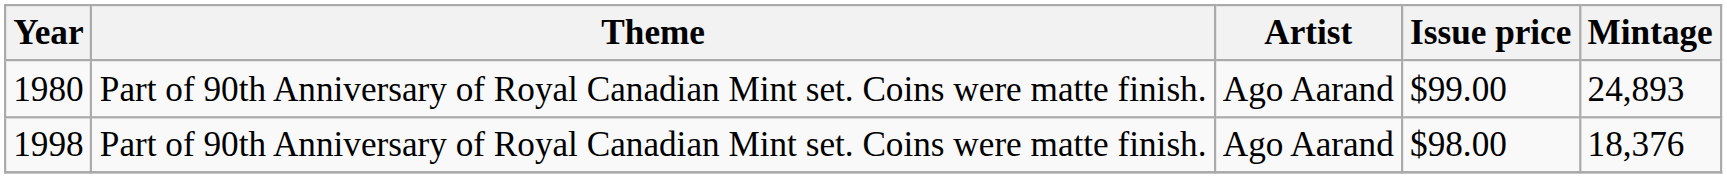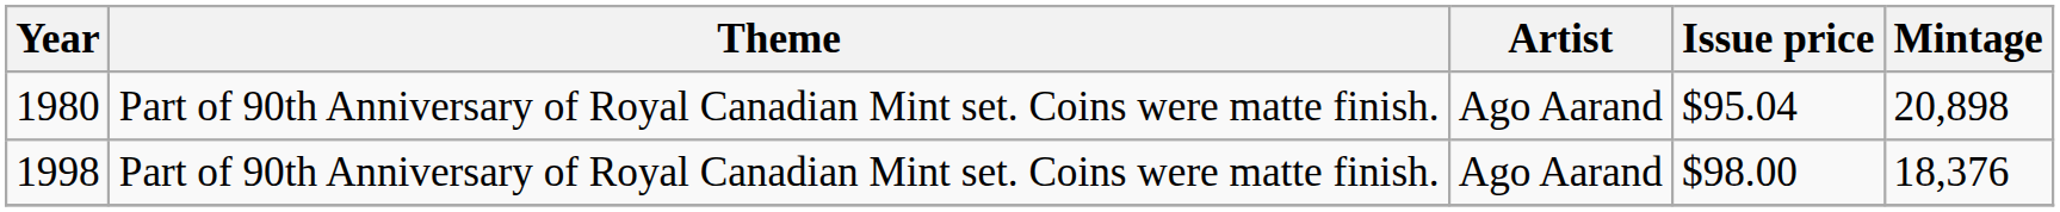 <table class="wikitable">
 <tr>
 <th>Year</th>
 <th>Theme</th>
 <th>Artist</th>
 <th>Issue price</th>
 <th>Mintage</th>
 </tr>
 <tr>
 <td>1980</td>
 <td>Part of 90th Anniversary of Royal Canadian Mint set. Coins were matte finish.</td>
 <td>Ago Aarand</td>
-<td>$99.00</td>
-<td>24,893</td>
+<td>$95.04</td>
+<td>20,898</td>
 </tr>
 <tr>
 <td>1998</td>
 <td>Part of 90th Anniversary of Royal Canadian Mint set. Coins were matte finish.</td>
 <td>Ago Aarand</td>
 <td>$98.00</td>
 <td>18,376</td>
 </tr>
 <tr>
 </tr>
 </table>
